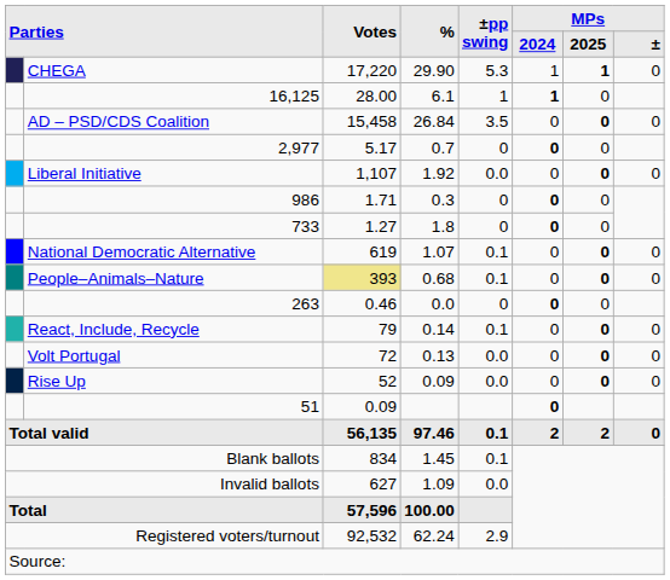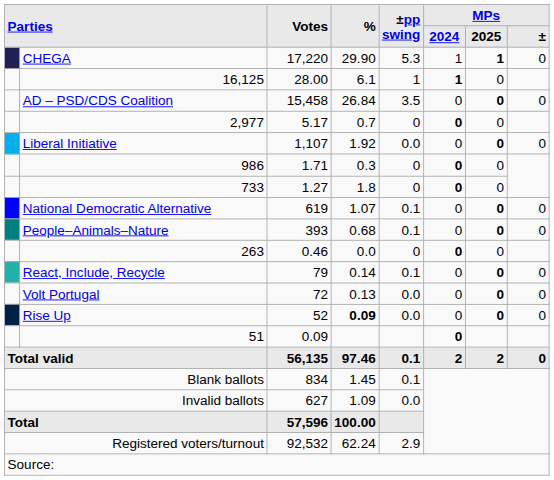 <table class="wikitable" style="text-align:right; font-size:95%;">
 <tr>
 <th rowspan="2" colspan="2" style="background:#e9e9e9; text-align:left;" alignleft><a href='#'>Parties</a></th>
 <th rowspan="2" style="background:#e9e9e9; text-align:right;">Votes</th>
 <th rowspan="2" style="background:#e9e9e9; text-align:right;">%</th>
 <th rowspan="2" style="background:#e9e9e9; text-align:right;">±<a href='#'>pp</a> <a href='#'>swing</a></th>
 <th colspan="3" style="background:#e9e9e9; text-align:center;"><a href='#'>MPs</a></th>
 </tr>
 <tr style="background-color:#E9E9E9">
 <th style="background-color:#E9E9E9;text-align:center;"><a href='#'>2024</a></th>
 <th style="background-color:#E9E9E9;text-align:center;">2025</th>
 <th style="background:#e9e9e9; text-align:right;">±</th>
 </tr>
 <tr>
 <td style="width: 10px" bgcolor="#202056" align="center"></td>
 <td align="left"><a href='#'>CHEGA</a></td>
 <td>17,220</td>
 <td>29.90</td>
 <td>5.3</td>
 <td>1</td>
 <td><strong>1</strong></td>
 <td>0</td>
 </tr>
 <tr>
 <td></td>
 <td>16,125</td>
 <td>28.00</td>
 <td>6.1</td>
 <td>1</td>
 <td><strong>1</strong></td>
 <td>0</td>
 </tr>
 <tr>
 <td style="width: 10px" bgcolor=></td>
 <td align="left"><a href='#'>AD – PSD/CDS Coalition</a> </td>
 <td>15,458</td>
 <td>26.84</td>
 <td>3.5</td>
 <td>0</td>
 <td><strong>0</strong></td>
 <td>0</td>
 </tr>
 <tr>
 <td></td>
 <td>2,977</td>
 <td>5.17</td>
 <td>0.7</td>
 <td>0</td>
 <td><strong>0</strong></td>
 <td>0</td>
 </tr>
 <tr>
 <td style="width: 10px" bgcolor="#00ADEF" align="center"></td>
 <td align="left"><a href='#'>Liberal Initiative</a></td>
 <td>1,107</td>
 <td>1.92</td>
 <td>0.0</td>
 <td>0</td>
 <td><strong>0</strong></td>
 <td>0</td>
 </tr>
 <tr>
 <td></td>
 <td>986</td>
 <td>1.71</td>
 <td>0.3</td>
 <td>0</td>
 <td><strong>0</strong></td>
 <td>0</td>
 </tr>
 <tr>
 <td></td>
 <td>733</td>
 <td>1.27</td>
 <td>1.8</td>
 <td>0</td>
 <td><strong>0</strong></td>
 <td>0</td>
 </tr>
 <tr>
 <td style="width: 10px" bgcolor="blue" align="center"></td>
 <td align="left"><a href='#'>National Democratic Alternative</a></td>
 <td>619</td>
 <td>1.07</td>
 <td>0.1</td>
 <td>0</td>
 <td><strong>0</strong></td>
 <td>0</td>
 </tr>
 <tr>
 <td style="width: 10px" bgcolor="teal" align="center"></td>
 <td align="left"><a href='#'>People–Animals–Nature</a></td>
-<td style="background: khaki;">393</td>
+<td>393</td>
 <td>0.68</td>
 <td>0.1</td>
 <td>0</td>
 <td><strong>0</strong></td>
 <td>0</td>
 </tr>
 <tr>
 <td></td>
 <td>263</td>
 <td>0.46</td>
 <td>0.0</td>
 <td>0</td>
 <td><strong>0</strong></td>
 <td>0</td>
 </tr>
 <tr>
 <td style="width: 10px" bgcolor="LightSeaGreen" align="center"></td>
 <td align="left"><a href='#'>React, Include, Recycle</a></td>
 <td>79</td>
 <td>0.14</td>
 <td>0.1</td>
 <td>0</td>
 <td><strong>0</strong></td>
 <td>0</td>
 </tr>
 <tr>
 <td style="width: 10px"></td>
 <td align="left"><a href='#'>Volt Portugal</a></td>
 <td>72</td>
 <td>0.13</td>
 <td>0.0</td>
 <td>0</td>
 <td><strong>0</strong></td>
 <td>0</td>
 </tr>
 <tr>
 <td style="width: 10px" bgcolor="#002147" align="center"></td>
 <td align="left"><a href='#'>Rise Up</a></td>
 <td>52</td>
-<td>0.09</td>
+<td><strong>0.09</strong></td>
 <td>0.0</td>
 <td>0</td>
 <td><strong>0</strong></td>
 <td>0</td>
 </tr>
 <tr>
 <td></td>
 <td>51</td>
 <td>0.09</td>
 <td></td>
 <td></td>
 <td><strong>0</strong></td>
 <td></td>
 </tr>
 <tr>
 <td colspan=2 width="288" align=left style="background-color:#E9E9E9"><strong>Total valid</strong></td>
 <td width="65" align="right" style="background-color:#E9E9E9"><strong>56,135</strong></td>
 <td width="40" align="right" style="background-color:#E9E9E9"><strong>97.46</strong></td>
 <td width="40" align="right" style="background-color:#E9E9E9"><strong>0.1</strong></td>
 <td width="40" align="right" style="background-color:#E9E9E9"><strong>2</strong></td>
 <td width="40" align="right" style="background-color:#E9E9E9"><strong>2</strong></td>
 <td width="40" align="right" style="background-color:#E9E9E9"><strong>0</strong></td>
 </tr>
 <tr>
 <td colspan=2>Blank ballots</td>
 <td>834</td>
 <td>1.45</td>
 <td>0.1</td>
 <td colspan=3 rowspan=4></td>
 </tr>
 <tr>
 <td colspan=2>Invalid ballots</td>
 <td>627</td>
 <td>1.09</td>
 <td>0.0</td>
 </tr>
 <tr>
 <td colspan=2 align=left style="background-color:#E9E9E9"><strong>Total</strong></td>
 <td width="50" align="right" style="background-color:#E9E9E9"><strong>57,596</strong></td>
 <td width="40" align="right" style="background-color:#E9E9E9"><strong>100.00</strong></td>
 <td width="40" align="right" style="background-color:#E9E9E9"></td>
 </tr>
 <tr>
 <td colspan=2>Registered voters/turnout</td>
 <td>92,532</td>
 <td>62.24</td>
 <td>2.9</td>
 </tr>
 <tr>
 <td colspan=8 align=left>Source: </td>
 </tr>
 </table>
